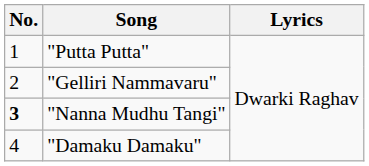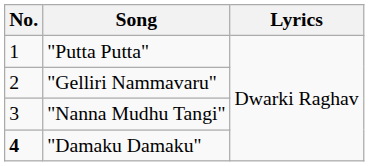 <table class="wikitable">
 <tr>
 <th>No.</th>
 <th>Song</th>
 <th>Lyrics</th>
 </tr>
 <tr>
 <td>1</td>
 <td>"Putta Putta"</td>
 <td rowspan="4">Dwarki Raghav</td>
 </tr>
 <tr>
 <td>2</td>
 <td>"Gelliri Nammavaru"</td>
 </tr>
 <tr>
-<td><strong>3</strong></td>
+<td>3</td>
 <td>"Nanna Mudhu Tangi"</td>
 </tr>
 <tr>
-<td>4</td>
+<td><strong>4</strong></td>
 <td>"Damaku Damaku"</td>
 </tr>
 </table>
